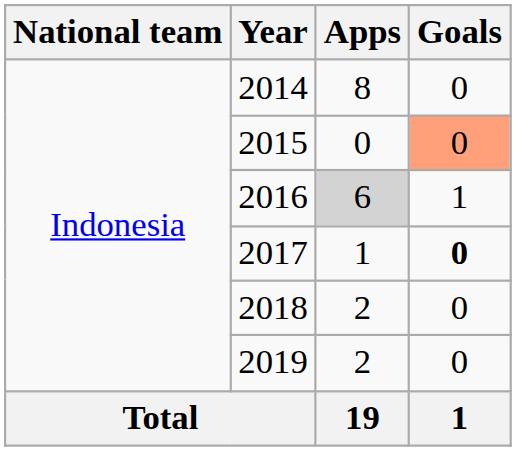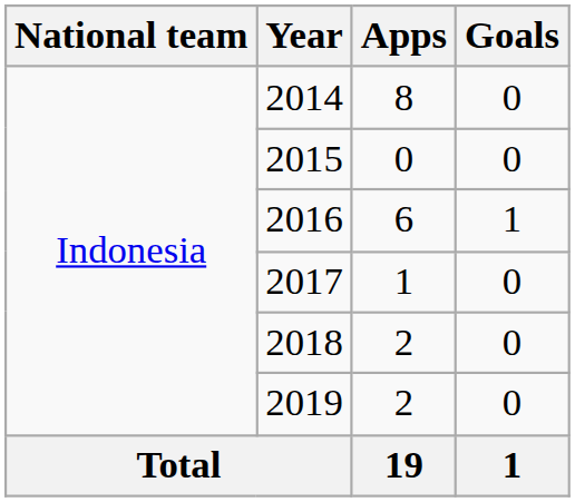 <table class="wikitable" style="text-align:center">
 <tr>
 <th>National team</th>
 <th>Year</th>
 <th>Apps</th>
 <th>Goals</th>
 </tr>
 <tr>
 <td rowspan=6><a href='#'>Indonesia</a></td>
 <td>2014</td>
 <td>8</td>
 <td>0</td>
 </tr>
 <tr>
 <td>2015</td>
 <td>0</td>
-<td style="background: lightsalmon;">0</td>
+<td>0</td>
 </tr>
 <tr>
 <td>2016</td>
-<td style="background: lightgrey;">6</td>
+<td>6</td>
 <td>1</td>
 </tr>
 <tr>
 <td>2017</td>
 <td>1</td>
-<td><strong>0</strong></td>
+<td>0</td>
 </tr>
 <tr>
 <td>2018</td>
 <td>2</td>
 <td>0</td>
 </tr>
 <tr>
 <td>2019</td>
 <td>2</td>
 <td>0</td>
 </tr>
 <tr>
 <th colspan=2>Total</th>
 <th>19</th>
 <th>1</th>
 </tr>
 </table>
